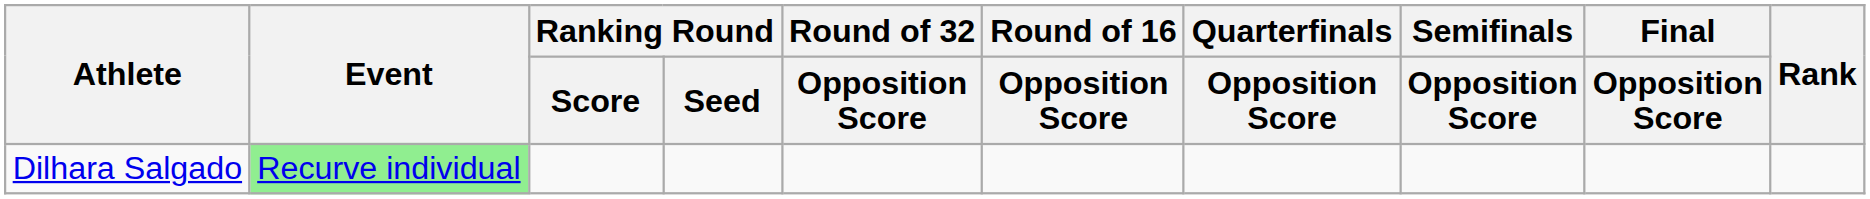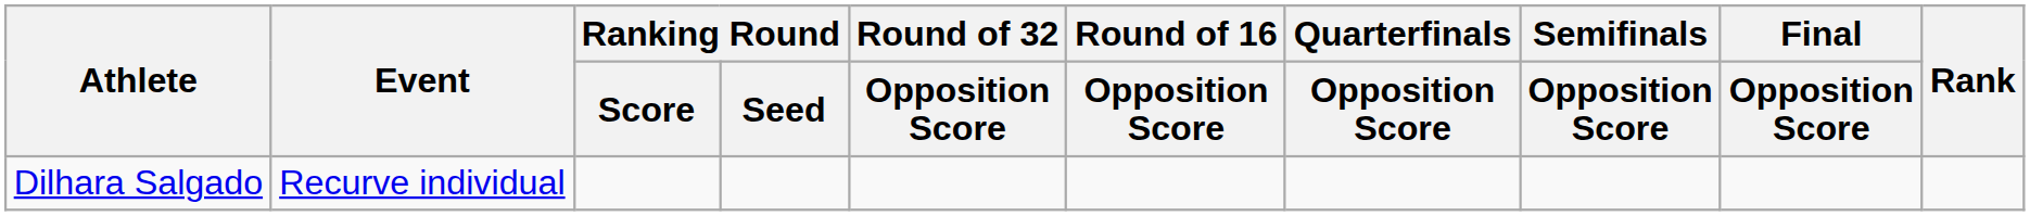 <table class="wikitable" style="font-size:90%">
 <tr>
 <th rowspan="2">Athlete</th>
 <th rowspan="2">Event</th>
 <th colspan="2">Ranking Round</th>
 <th>Round of 32</th>
 <th>Round of 16</th>
 <th>Quarterfinals</th>
 <th>Semifinals</th>
 <th>Final</th>
 <th rowspan="2">Rank</th>
 </tr>
 <tr>
 <th>Score</th>
 <th>Seed</th>
 <th>Opposition<br>Score</th>
 <th>Opposition<br>Score</th>
 <th>Opposition<br>Score</th>
 <th>Opposition<br>Score</th>
 <th>Opposition<br>Score</th>
 </tr>
 <tr>
 <td><a href='#'>Dilhara Salgado</a></td>
-<td style="background: lightgreen;"><a href='#'>Recurve individual</a></td>
+<td><a href='#'>Recurve individual</a></td>
 <td align=center></td>
 <td align=center></td>
 <td align=center></td>
 <td></td>
 <td></td>
 <td></td>
 <td></td>
 <td></td>
 </tr>
 </table>
